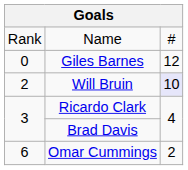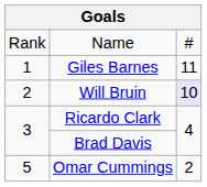 <table class="wikitable" style="text-align: center;">
 <tr>
 <th colspan="3">Goals</th>
 </tr>
 <tr>
 <td>Rank</td>
 <td>Name</td>
 <td>#</td>
 </tr>
 <tr>
-<td>0</td>
+<td>1</td>
 <td><a href='#'>Giles Barnes</a></td>
-<td>12</td>
+<td>11</td>
 </tr>
 <tr>
 <td>2</td>
 <td><a href='#'>Will Bruin</a></td>
 <td style="background: lavender;">10</td>
 </tr>
 <tr>
 <td rowspan="2">3</td>
 <td><a href='#'>Ricardo Clark</a></td>
 <td rowspan="2">4</td>
 </tr>
 <tr>
 <td><a href='#'>Brad Davis</a></td>
 </tr>
 <tr>
-<td>6</td>
+<td>5</td>
 <td><a href='#'>Omar Cummings</a></td>
 <td>2</td>
 </tr>
 </table>
